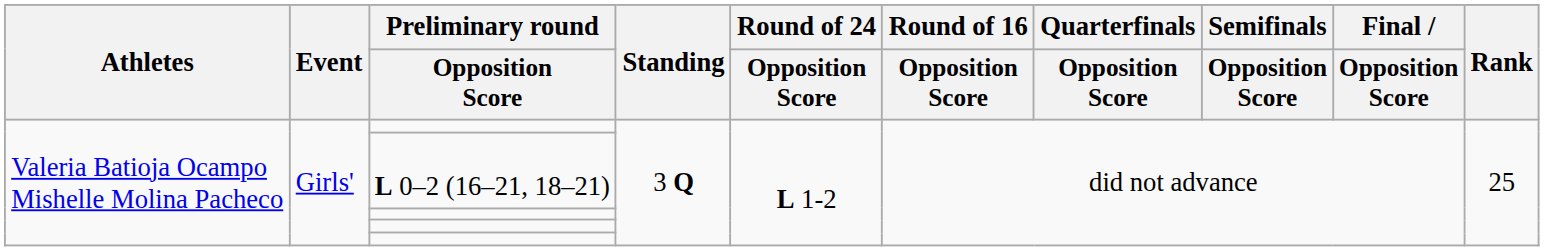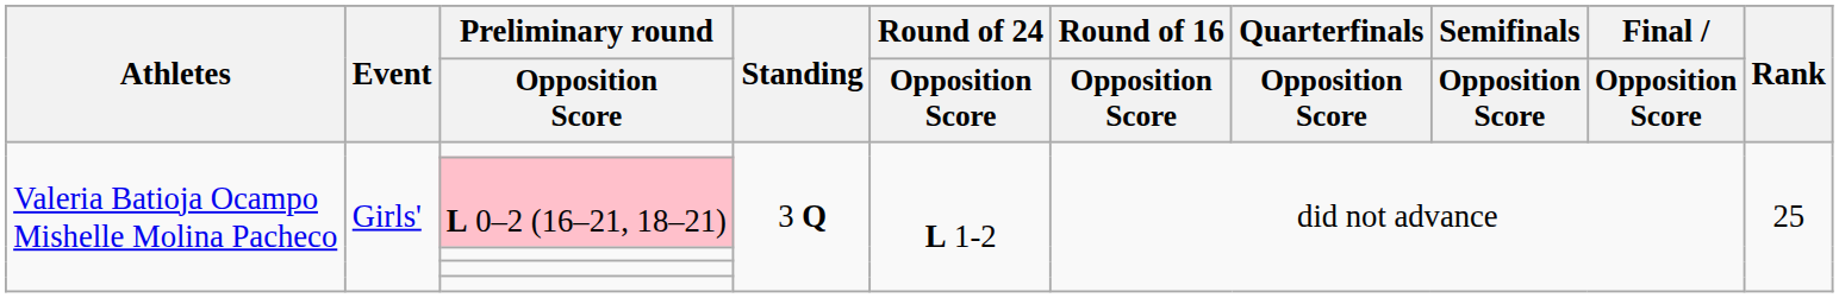 <table class=wikitable style="font-size:90%">
 <tr>
 <th rowspan="2">Athletes</th>
 <th rowspan="2">Event</th>
 <th>Preliminary round</th>
 <th rowspan="2">Standing</th>
 <th>Round of 24</th>
 <th>Round of 16</th>
 <th>Quarterfinals</th>
 <th>Semifinals</th>
 <th>Final / </th>
 <th rowspan=2>Rank</th>
 </tr>
 <tr style="font-size:95%">
 <th>Opposition<br>Score</th>
 <th>Opposition<br>Score</th>
 <th>Opposition<br>Score</th>
 <th>Opposition<br>Score</th>
 <th>Opposition<br>Score</th>
 <th>Opposition<br>Score</th>
 </tr>
 <tr align=center>
 <td align=left rowspan=5><a href='#'>Valeria Batioja Ocampo</a><br><a href='#'>Mishelle Molina Pacheco</a></td>
 <td align=left rowspan=5><a href='#'>Girls'</a></td>
 <td></td>
 <td rowspan=5>3 <strong>Q</strong></td>
 <td rowspan=5><br> <strong>L</strong> 1-2</td>
 <td rowspan=5 colspan=4>did not advance</td>
 <td rowspan=5>25</td>
 </tr>
 <tr align=center>
-<td><br> <strong>L</strong> 0–2 (16–21, 18–21)</td>
+<td style="background: pink;"><br> <strong>L</strong> 0–2 (16–21, 18–21)</td>
 </tr>
 <tr align=center>
 <td></td>
 </tr>
 <tr align=center>
 <td></td>
 </tr>
 <tr align=center>
 <td></td>
 </tr>
 </table>
